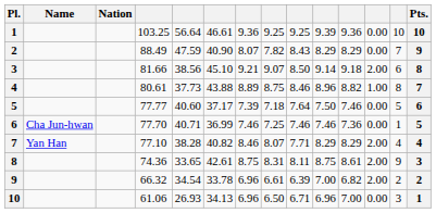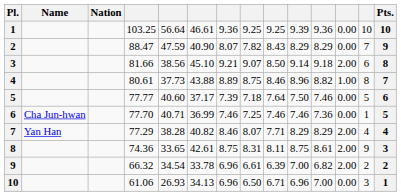 <table class="wikitable sortable" style="text-align:center">
 <tr>
 <th>Pl.</th>
 <th>Name</th>
 <th>Nation</th>
 <th></th>
 <th></th>
 <th></th>
 <th></th>
 <th></th>
 <th></th>
 <th></th>
 <th></th>
 <th></th>
 <th></th>
 <th>Pts.</th>
 </tr>
 <tr>
 <th>1</th>
 <td align="left"></td>
 <td align="left"></td>
 <td>103.25</td>
 <td>56.64</td>
 <td>46.61</td>
 <td>9.36</td>
 <td>9.25</td>
 <td>9.25</td>
 <td>9.39</td>
 <td>9.36</td>
 <td>0.00</td>
 <td>10</td>
 <th>10</th>
 </tr>
 <tr>
 <th>2</th>
 <td align="left"></td>
 <td align="left"></td>
-<td>88.49</td>
+<td>88.47</td>
 <td>47.59</td>
 <td>40.90</td>
 <td>8.07</td>
 <td>7.82</td>
 <td>8.43</td>
 <td>8.29</td>
 <td>8.29</td>
 <td>0.00</td>
 <td>7</td>
 <th>9</th>
 </tr>
 <tr>
 <th>3</th>
 <td align="left"></td>
 <td align="left"></td>
 <td>81.66</td>
 <td>38.56</td>
 <td>45.10</td>
 <td>9.21</td>
 <td>9.07</td>
 <td>8.50</td>
 <td>9.14</td>
 <td>9.18</td>
 <td>2.00</td>
 <td>6</td>
 <th>8</th>
 </tr>
 <tr>
 <th>4</th>
 <td align="left"></td>
 <td align="left"></td>
 <td>80.61</td>
 <td>37.73</td>
 <td>43.88</td>
 <td>8.89</td>
 <td>8.75</td>
 <td>8.46</td>
 <td>8.96</td>
 <td>8.82</td>
 <td>1.00</td>
 <td>8</td>
 <th>7</th>
 </tr>
 <tr>
 <th>5</th>
 <td align=left></td>
 <td align=left></td>
 <td>77.77</td>
 <td>40.60</td>
 <td>37.17</td>
 <td>7.39</td>
 <td>7.18</td>
 <td>7.64</td>
 <td>7.50</td>
 <td>7.46</td>
 <td>0.00</td>
 <td>5</td>
 <th>6</th>
 </tr>
 <tr>
 <th>6</th>
 <td align="left"><a href='#'>Cha Jun-hwan</a></td>
 <td align="left"></td>
 <td>77.70</td>
 <td>40.71</td>
 <td>36.99</td>
 <td>7.46</td>
 <td>7.25</td>
 <td>7.46</td>
 <td>7.46</td>
 <td>7.36</td>
 <td>0.00</td>
 <td>1</td>
 <th>5</th>
 </tr>
 <tr>
 <th>7</th>
 <td align="left"><a href='#'>Yan Han</a></td>
 <td align="left"></td>
-<td>77.10</td>
+<td>77.29</td>
 <td>38.28</td>
 <td>40.82</td>
 <td>8.46</td>
 <td>8.07</td>
 <td>7.71</td>
 <td>8.29</td>
 <td>8.29</td>
 <td>2.00</td>
 <td>4</td>
 <th>4</th>
 </tr>
 <tr>
 <th>8</th>
 <td align="left"></td>
 <td align="left"></td>
 <td>74.36</td>
 <td>33.65</td>
 <td>42.61</td>
 <td>8.75</td>
 <td>8.31</td>
 <td>8.11</td>
 <td>8.75</td>
 <td>8.61</td>
 <td>2.00</td>
 <td>9</td>
 <th>3</th>
 </tr>
 <tr>
 <th>9</th>
 <td align="left"></td>
 <td align="left"></td>
 <td>66.32</td>
 <td>34.54</td>
 <td>33.78</td>
 <td>6.96</td>
 <td>6.61</td>
 <td>6.39</td>
 <td>7.00</td>
 <td>6.82</td>
 <td>2.00</td>
 <td>2</td>
 <th>2</th>
 </tr>
 <tr>
 <th>10</th>
 <td align="left"></td>
 <td align="left"></td>
 <td>61.06</td>
 <td>26.93</td>
 <td>34.13</td>
 <td>6.96</td>
 <td>6.50</td>
 <td>6.71</td>
 <td>6.96</td>
 <td>7.00</td>
 <td>0.00</td>
 <td>3</td>
 <th>1</th>
 </tr>
 </table>
